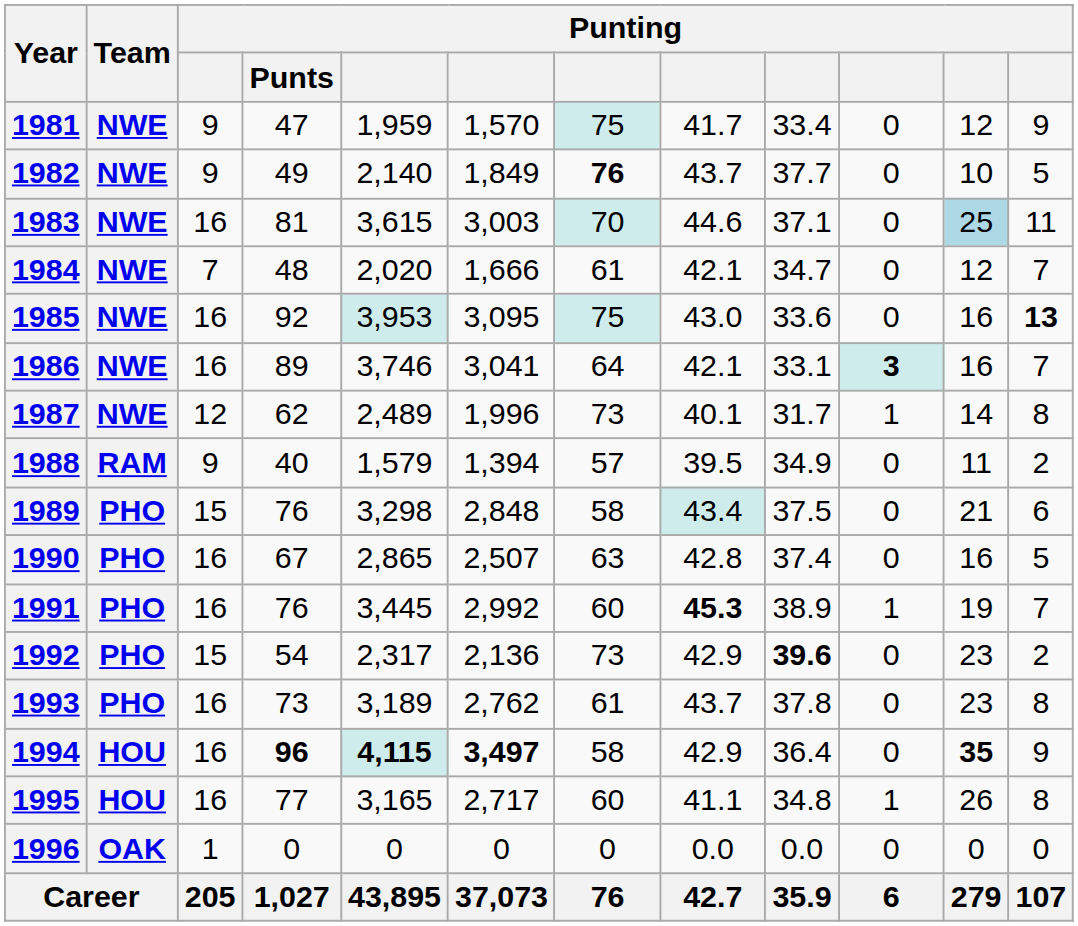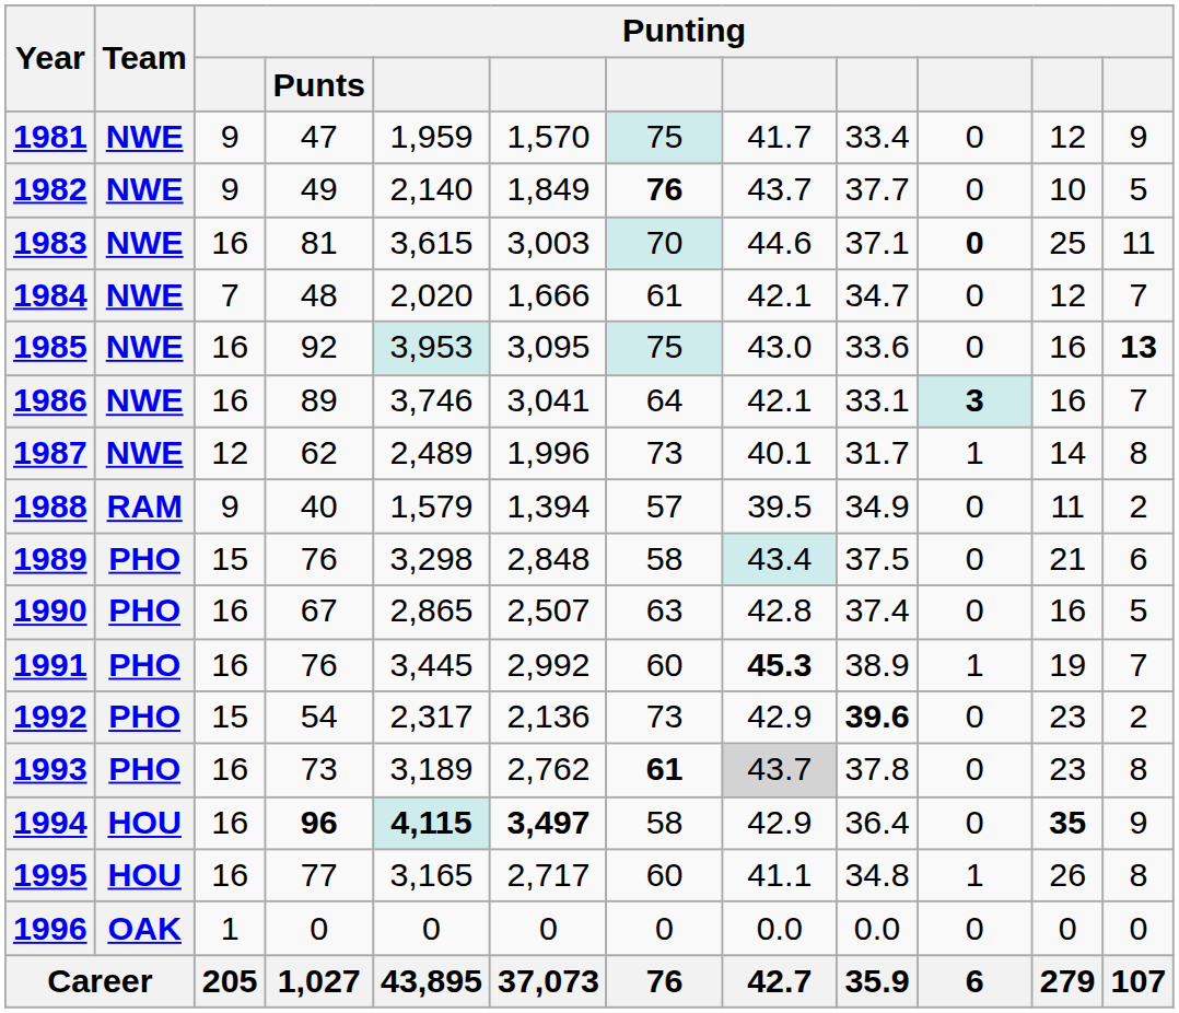 <table class=wikitable style="text-align:center;">
 <tr>
 <th rowspan="2">Year</th>
 <th rowspan="2">Team</th>
 <th colspan="10">Punting</th>
 </tr>
 <tr>
 <th></th>
 <th>Punts</th>
 <th></th>
 <th></th>
 <th></th>
 <th></th>
 <th></th>
 <th></th>
 <th></th>
 <th></th>
 </tr>
 <tr>
 <th><a href='#'>1981</a></th>
 <th><a href='#'>NWE</a></th>
 <td>9</td>
 <td>47</td>
 <td>1,959</td>
 <td>1,570</td>
 <td style="background:#cfecec; width:3em;">75</td>
 <td>41.7</td>
 <td>33.4</td>
 <td>0</td>
 <td>12</td>
 <td>9</td>
 </tr>
 <tr>
 <th><a href='#'>1982</a></th>
 <th><a href='#'>NWE</a></th>
 <td>9</td>
 <td>49</td>
 <td>2,140</td>
 <td>1,849</td>
 <td><strong>76</strong></td>
 <td>43.7</td>
 <td>37.7</td>
 <td>0</td>
 <td>10</td>
 <td>5</td>
 </tr>
 <tr>
 <th><a href='#'>1983</a></th>
 <th><a href='#'>NWE</a></th>
 <td>16</td>
 <td>81</td>
 <td>3,615</td>
 <td>3,003</td>
 <td style="background:#cfecec; width:3em;">70</td>
 <td>44.6</td>
 <td>37.1</td>
-<td>0</td>
-<td style="background: lightblue;">25</td>
+<td><strong>0</strong></td>
+<td>25</td>
 <td>11</td>
 </tr>
 <tr>
 <th><a href='#'>1984</a></th>
 <th><a href='#'>NWE</a></th>
 <td>7</td>
 <td>48</td>
 <td>2,020</td>
 <td>1,666</td>
 <td>61</td>
 <td>42.1</td>
 <td>34.7</td>
 <td>0</td>
 <td>12</td>
 <td>7</td>
 </tr>
 <tr>
 <th><a href='#'>1985</a></th>
 <th><a href='#'>NWE</a></th>
 <td>16</td>
 <td>92</td>
 <td style="background:#cfecec; width:3em;">3,953</td>
 <td>3,095</td>
 <td style="background:#cfecec; width:3em;">75</td>
 <td>43.0</td>
 <td>33.6</td>
 <td>0</td>
 <td>16</td>
 <td><strong>13</strong></td>
 </tr>
 <tr>
 <th><a href='#'>1986</a></th>
 <th><a href='#'>NWE</a></th>
 <td>16</td>
 <td>89</td>
 <td>3,746</td>
 <td>3,041</td>
 <td>64</td>
 <td>42.1</td>
 <td>33.1</td>
 <td style="background:#cfecec; width:3em;"><strong>3</strong></td>
 <td>16</td>
 <td>7</td>
 </tr>
 <tr>
 <th><a href='#'>1987</a></th>
 <th><a href='#'>NWE</a></th>
 <td>12</td>
 <td>62</td>
 <td>2,489</td>
 <td>1,996</td>
 <td>73</td>
 <td>40.1</td>
 <td>31.7</td>
 <td>1</td>
 <td>14</td>
 <td>8</td>
 </tr>
 <tr>
 <th><a href='#'>1988</a></th>
 <th><a href='#'>RAM</a></th>
 <td>9</td>
 <td>40</td>
 <td>1,579</td>
 <td>1,394</td>
 <td>57</td>
 <td>39.5</td>
 <td>34.9</td>
 <td>0</td>
 <td>11</td>
 <td>2</td>
 </tr>
 <tr>
 <th><a href='#'>1989</a></th>
 <th><a href='#'>PHO</a></th>
 <td>15</td>
 <td>76</td>
 <td>3,298</td>
 <td>2,848</td>
 <td>58</td>
 <td style="background:#cfecec; width:3em;">43.4</td>
 <td>37.5</td>
 <td>0</td>
 <td>21</td>
 <td>6</td>
 </tr>
 <tr>
 <th><a href='#'>1990</a></th>
 <th><a href='#'>PHO</a></th>
 <td>16</td>
 <td>67</td>
 <td>2,865</td>
 <td>2,507</td>
 <td>63</td>
 <td>42.8</td>
 <td>37.4</td>
 <td>0</td>
 <td>16</td>
 <td>5</td>
 </tr>
 <tr>
 <th><a href='#'>1991</a></th>
 <th><a href='#'>PHO</a></th>
 <td>16</td>
 <td>76</td>
 <td>3,445</td>
 <td>2,992</td>
 <td>60</td>
 <td><strong>45.3</strong></td>
 <td>38.9</td>
 <td>1</td>
 <td>19</td>
 <td>7</td>
 </tr>
 <tr>
 <th><a href='#'>1992</a></th>
 <th><a href='#'>PHO</a></th>
 <td>15</td>
 <td>54</td>
 <td>2,317</td>
 <td>2,136</td>
 <td>73</td>
 <td>42.9</td>
 <td><strong>39.6</strong></td>
 <td>0</td>
 <td>23</td>
 <td>2</td>
 </tr>
 <tr>
 <th><a href='#'>1993</a></th>
 <th><a href='#'>PHO</a></th>
 <td>16</td>
 <td>73</td>
 <td>3,189</td>
 <td>2,762</td>
-<td>61</td>
-<td>43.7</td>
+<td><strong>61</strong></td>
+<td style="background: lightgrey;">43.7</td>
 <td>37.8</td>
 <td>0</td>
 <td>23</td>
 <td>8</td>
 </tr>
 <tr>
 <th><a href='#'>1994</a></th>
 <th><a href='#'>HOU</a></th>
 <td>16</td>
 <td><strong>96</strong></td>
 <td style="background:#cfecec; width:3em;"><strong>4,115</strong></td>
 <td><strong>3,497</strong></td>
 <td>58</td>
 <td>42.9</td>
 <td>36.4</td>
 <td>0</td>
 <td><strong>35</strong></td>
 <td>9</td>
 </tr>
 <tr>
 <th><a href='#'>1995</a></th>
 <th><a href='#'>HOU</a></th>
 <td>16</td>
 <td>77</td>
 <td>3,165</td>
 <td>2,717</td>
 <td>60</td>
 <td>41.1</td>
 <td>34.8</td>
 <td>1</td>
 <td>26</td>
 <td>8</td>
 </tr>
 <tr>
 <th><a href='#'>1996</a></th>
 <th><a href='#'>OAK</a></th>
 <td>1</td>
 <td>0</td>
 <td>0</td>
 <td>0</td>
 <td>0</td>
 <td>0.0</td>
 <td>0.0</td>
 <td>0</td>
 <td>0</td>
 <td>0</td>
 </tr>
 <tr>
 <th colspan="2">Career</th>
 <th>205</th>
 <th>1,027</th>
 <th>43,895</th>
 <th>37,073</th>
 <th>76</th>
 <th>42.7</th>
 <th>35.9</th>
 <th>6</th>
 <th>279</th>
 <th>107</th>
 </tr>
 </table>
